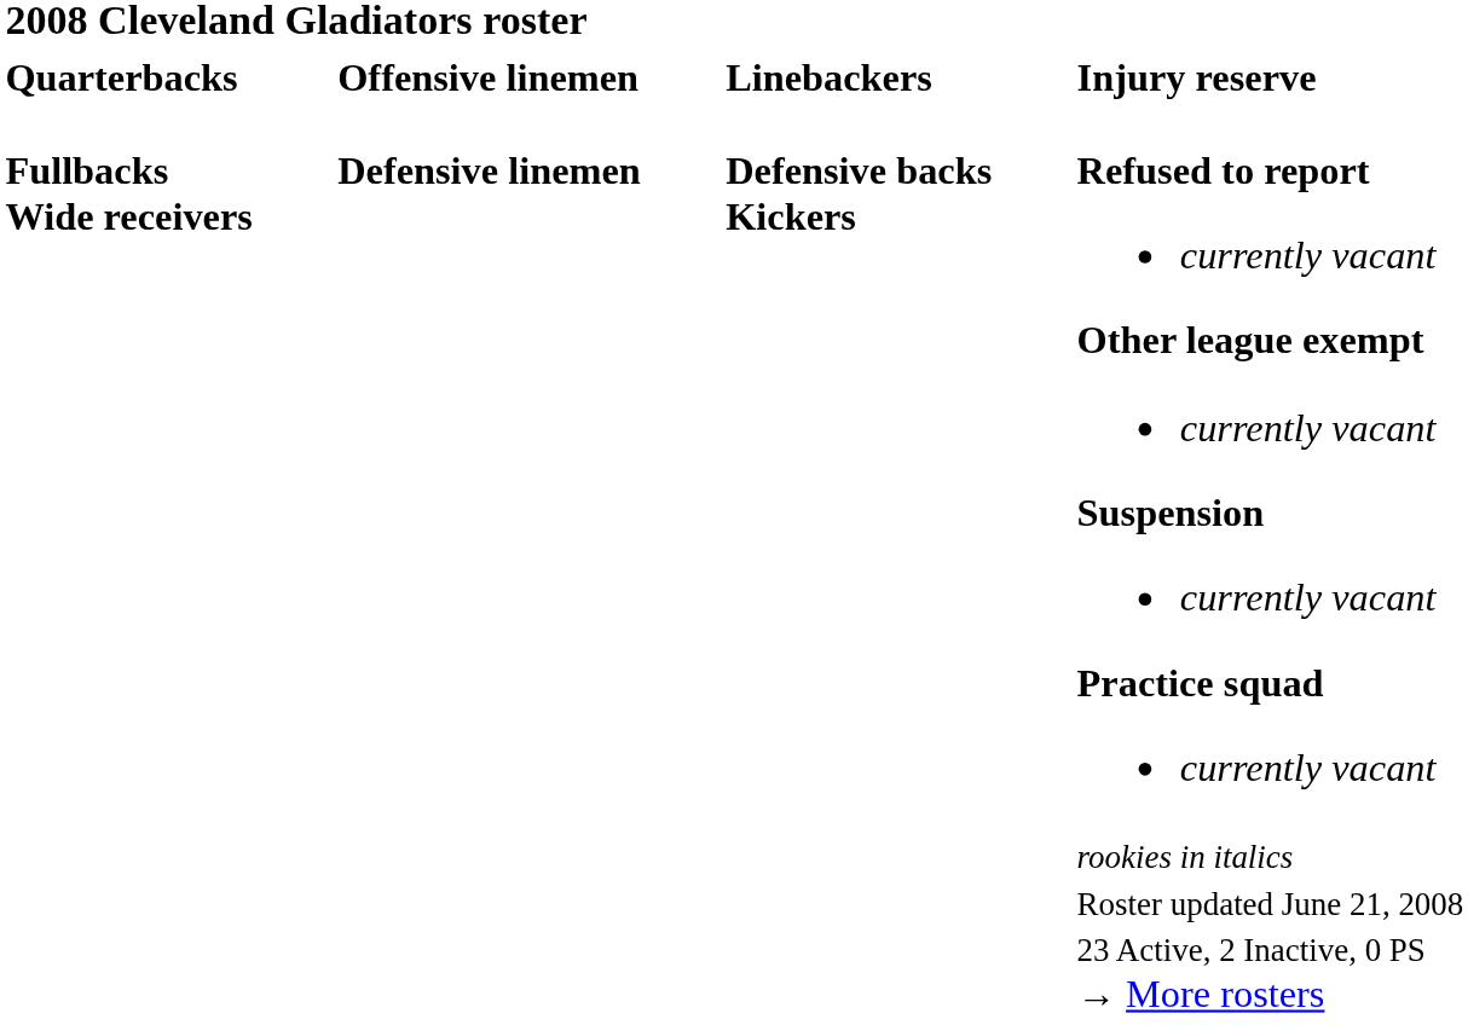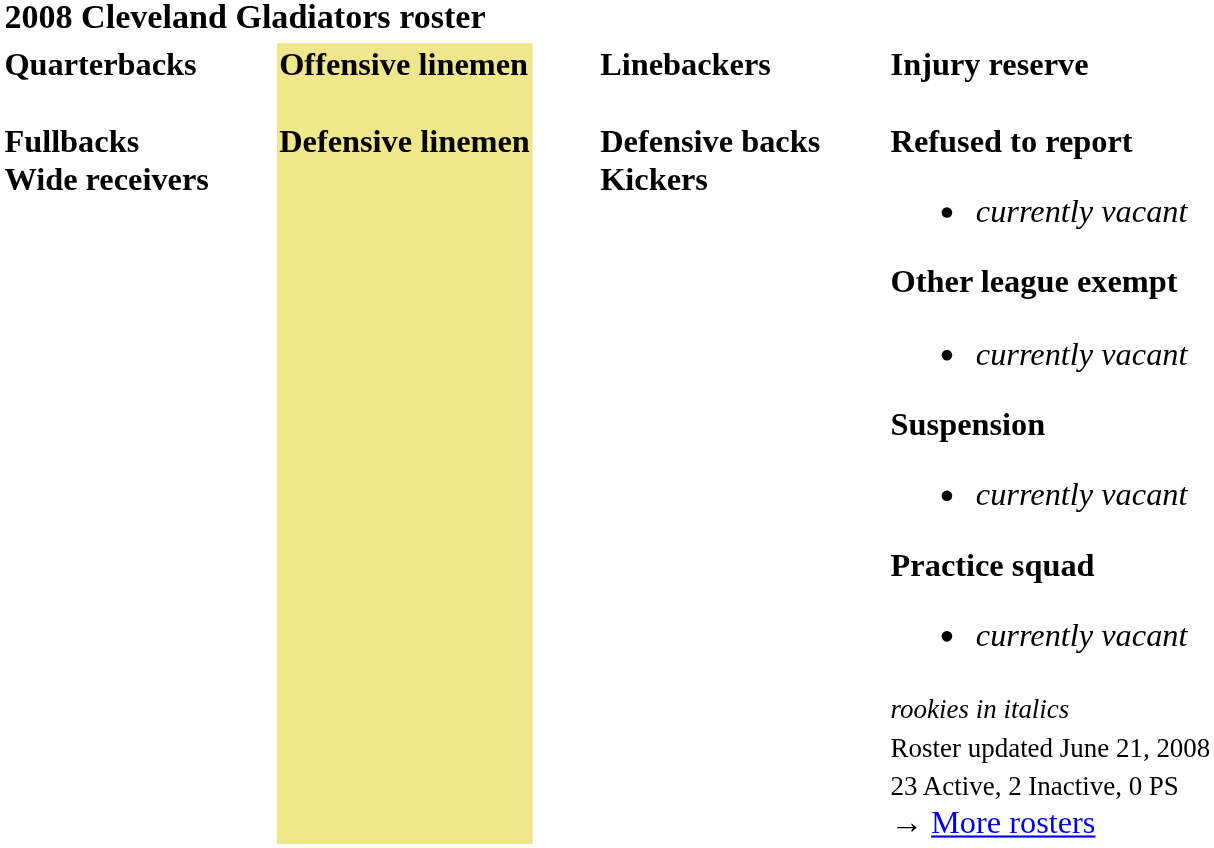 <table class="toccolours" style="text-align: left;">
 <tr>
 <th colspan="7"><strong>2008 Cleveland Gladiators roster</strong></th>
 </tr>
 <tr>
 <td style="font-size: 95%;" valign="top"><strong>Quarterbacks</strong><br> <br><strong>Fullbacks</strong>  <br><strong>Wide receivers</strong>     </td>
 <td style="width: 25px;"></td>
-<td style="font-size: 95%;" valign="top"><strong>Offensive linemen</strong><br>  <br><strong>Defensive linemen</strong>     </td>
+<td style="background: khaki; font-size: 95%;" valign="top"><strong>Offensive linemen</strong><br>  <br><strong>Defensive linemen</strong>     </td>
 <td style="width: 25px;"></td>
 <td style="font-size: 95%;" valign="top"><strong>Linebackers</strong><br><br><strong>Defensive backs</strong>    <br><strong>Kickers</strong> </td>
 <td style="width: 25px;"></td>
 <td style="font-size: 95%;" valign="top"><strong>Injury reserve</strong><br> <br><strong>Refused to report</strong><ul><li><em>currently vacant</em></li></ul><strong>Other league exempt</strong><ul><li><em>currently vacant</em></li></ul><strong>Suspension</strong><ul><li><em>currently vacant</em></li></ul><strong>Practice squad</strong><ul><li><em>currently vacant</em></li></ul><small><em>rookies in italics</em><br>Roster updated June 21, 2008</small><br> <small>23 Active, 2 Inactive, 0 PS</small><br>→ <a href='#'>More rosters</a></td>
 </tr>
 <tr>
 </tr>
 </table>
